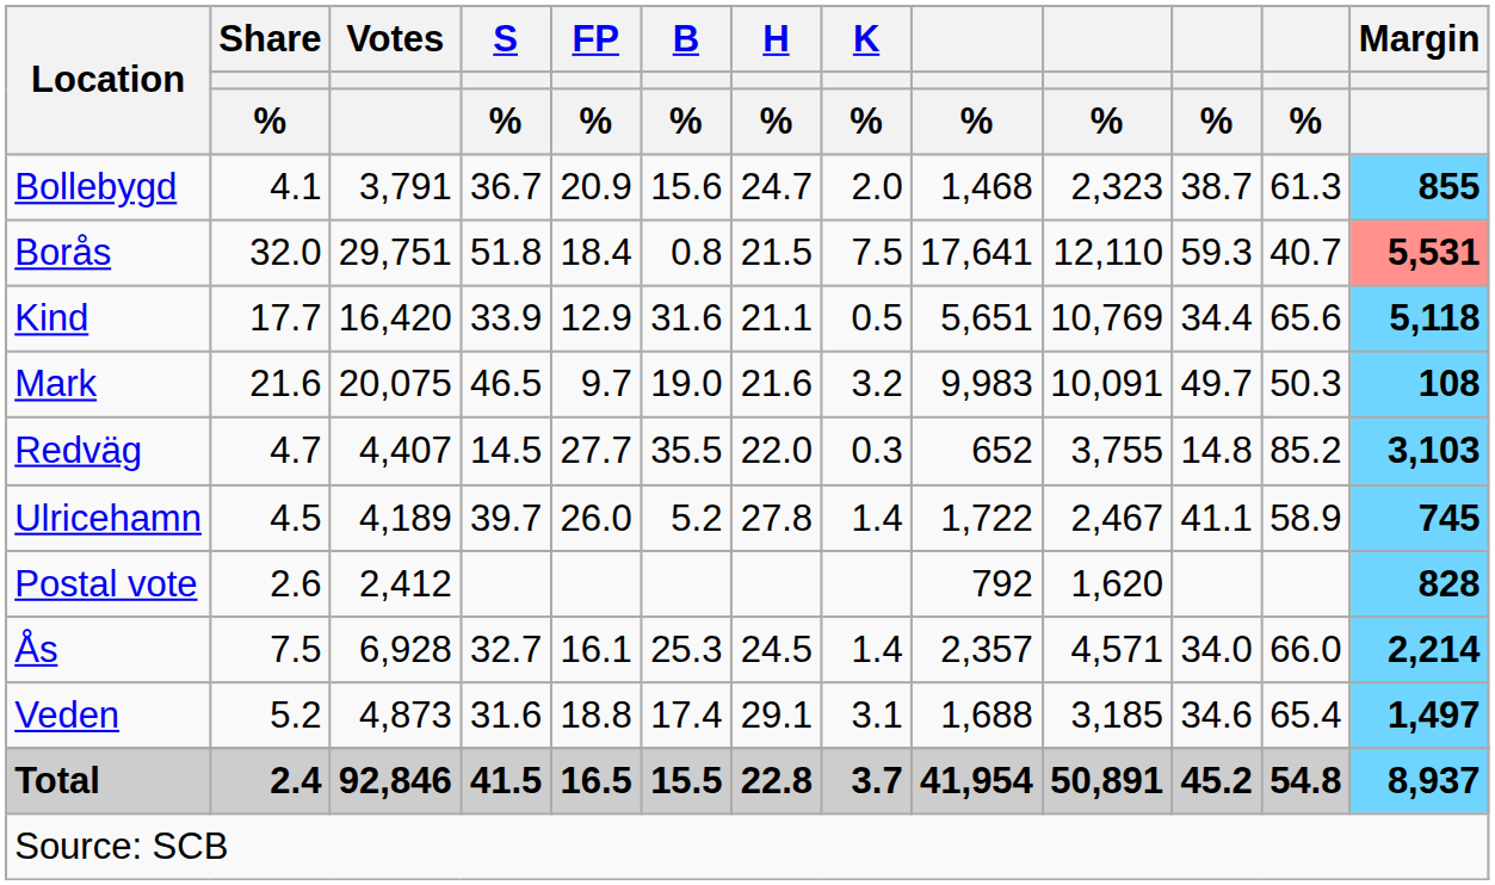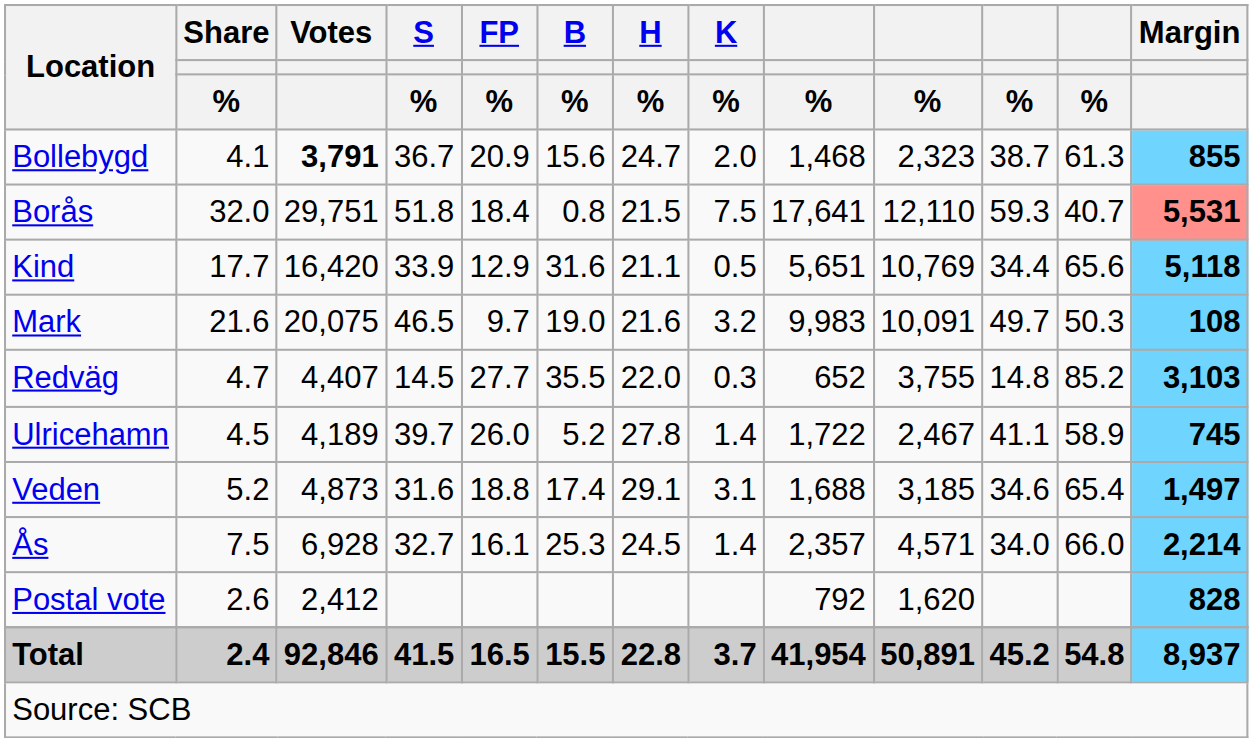 <table class="wikitable sortable" style="text-align:right; font-size:95%; line-height:20px;">
 <tr>
 <th rowspan="3">Location</th>
 <th>Share</th>
 <th>Votes</th>
 <th width="30px" class="unsortable"><a href='#'>S</a></th>
 <th width="30px" class="unsortable"><a href='#'>FP</a></th>
 <th width="30px" class="unsortable"><a href='#'>B</a></th>
 <th width="30px" class="unsortable"><a href='#'>H</a></th>
 <th width="30px" class="unsortable"><a href='#'>K</a></th>
 <th></th>
 <th></th>
 <th></th>
 <th></th>
 <th>Margin</th>
 </tr>
 <tr>
 <th></th>
 <th></th>
 <th style="background:"></th>
 <th style="background:"></th>
 <th style="background:"></th>
 <th style="background:"></th>
 <th style="background:"></th>
 <th style="background:"></th>
 <th style="background:"></th>
 <th style="background:"></th>
 <th style="background:"></th>
 <th></th>
 </tr>
 <tr>
 <th data-sort-type="number">%</th>
 <th></th>
 <th data-sort-type="number">%</th>
 <th data-sort-type="number">%</th>
 <th data-sort-type="number">%</th>
 <th data-sort-type="number">%</th>
 <th data-sort-type="number">%</th>
 <th data-sort-type="number">%</th>
 <th data-sort-type="number">%</th>
 <th data-sort-type="number">%</th>
 <th data-sort-type="number">%</th>
 <th data-sort-type="number"></th>
 </tr>
 <tr>
 <td align=left><a href='#'>Bollebygd</a></td>
 <td>4.1</td>
-<td>3,791</td>
+<td><strong>3,791</strong></td>
 <td>36.7</td>
 <td>20.9</td>
 <td>15.6</td>
 <td>24.7</td>
 <td>2.0</td>
 <td>1,468</td>
 <td>2,323</td>
 <td>38.7</td>
 <td>61.3</td>
 <td bgcolor=#6fd5fe><strong>855</strong></td>
 </tr>
 <tr>
 <td align=left><a href='#'>Borås</a></td>
 <td>32.0</td>
 <td>29,751</td>
 <td>51.8</td>
 <td>18.4</td>
 <td>0.8</td>
 <td>21.5</td>
 <td>7.5</td>
 <td>17,641</td>
 <td>12,110</td>
 <td>59.3</td>
 <td>40.7</td>
 <td bgcolor=#ff908c><strong>5,531</strong></td>
 </tr>
 <tr>
 <td align=left><a href='#'>Kind</a></td>
 <td>17.7</td>
 <td>16,420</td>
 <td>33.9</td>
 <td>12.9</td>
 <td>31.6</td>
 <td>21.1</td>
 <td>0.5</td>
 <td>5,651</td>
 <td>10,769</td>
 <td>34.4</td>
 <td>65.6</td>
 <td bgcolor=#6fd5fe><strong>5,118</strong></td>
 </tr>
 <tr>
 <td align=left><a href='#'>Mark</a></td>
 <td>21.6</td>
 <td>20,075</td>
 <td>46.5</td>
 <td>9.7</td>
 <td>19.0</td>
 <td>21.6</td>
 <td>3.2</td>
 <td>9,983</td>
 <td>10,091</td>
 <td>49.7</td>
 <td>50.3</td>
 <td bgcolor=#6fd5fe><strong>108</strong></td>
 </tr>
 <tr>
 <td align=left><a href='#'>Redväg</a></td>
 <td>4.7</td>
 <td>4,407</td>
 <td>14.5</td>
 <td>27.7</td>
 <td>35.5</td>
 <td>22.0</td>
 <td>0.3</td>
 <td>652</td>
 <td>3,755</td>
 <td>14.8</td>
 <td>85.2</td>
 <td bgcolor=#6fd5fe><strong>3,103</strong></td>
 </tr>
 <tr>
 <td align=left><a href='#'>Ulricehamn</a></td>
 <td>4.5</td>
 <td>4,189</td>
 <td>39.7</td>
 <td>26.0</td>
 <td>5.2</td>
 <td>27.8</td>
 <td>1.4</td>
 <td>1,722</td>
 <td>2,467</td>
 <td>41.1</td>
 <td>58.9</td>
 <td bgcolor=#6fd5fe><strong>745</strong></td>
 </tr>
 <tr>
-<td align=left><a href='#'>Postal vote</a></td>
-<td>2.6</td>
-<td>2,412</td>
-<td></td>
-<td></td>
-<td></td>
-<td></td>
-<td></td>
-<td>792</td>
-<td>1,620</td>
-<td></td>
-<td></td>
-<td bgcolor=#6fd5fe><strong>828</strong></td>
+<td align=left><a href='#'>Veden</a></td>
+<td>5.2</td>
+<td>4,873</td>
+<td>31.6</td>
+<td>18.8</td>
+<td>17.4</td>
+<td>29.1</td>
+<td>3.1</td>
+<td>1,688</td>
+<td>3,185</td>
+<td>34.6</td>
+<td>65.4</td>
+<td bgcolor=#6fd5fe><strong>1,497</strong></td>
 </tr>
 <tr>
 <td align=left><a href='#'>Ås</a></td>
 <td>7.5</td>
 <td>6,928</td>
 <td>32.7</td>
 <td>16.1</td>
 <td>25.3</td>
 <td>24.5</td>
 <td>1.4</td>
 <td>2,357</td>
 <td>4,571</td>
 <td>34.0</td>
 <td>66.0</td>
 <td bgcolor=#6fd5fe><strong>2,214</strong></td>
 </tr>
 <tr>
-<td align=left><a href='#'>Veden</a></td>
-<td>5.2</td>
-<td>4,873</td>
-<td>31.6</td>
-<td>18.8</td>
-<td>17.4</td>
-<td>29.1</td>
-<td>3.1</td>
-<td>1,688</td>
-<td>3,185</td>
-<td>34.6</td>
-<td>65.4</td>
-<td bgcolor=#6fd5fe><strong>1,497</strong></td>
+<td align=left><a href='#'>Postal vote</a></td>
+<td>2.6</td>
+<td>2,412</td>
+<td></td>
+<td></td>
+<td></td>
+<td></td>
+<td></td>
+<td>792</td>
+<td>1,620</td>
+<td></td>
+<td></td>
+<td bgcolor=#6fd5fe><strong>828</strong></td>
 </tr>
 <tr>
 </tr>
 <tr style="background:#CDCDCD;">
 <td align=left><strong>Total</strong></td>
 <td><strong>2.4</strong></td>
 <td><strong>92,846</strong></td>
 <td><strong>41.5</strong></td>
 <td><strong>16.5</strong></td>
 <td><strong>15.5</strong></td>
 <td><strong>22.8</strong></td>
 <td><strong>3.7</strong></td>
 <td><strong>41,954</strong></td>
 <td><strong>50,891</strong></td>
 <td><strong>45.2</strong></td>
 <td><strong>54.8</strong></td>
 <td bgcolor=#6fd5fe><strong>8,937</strong></td>
 </tr>
 <tr>
 <td align=left colspan=13>Source: SCB </td>
 </tr>
 </table>
